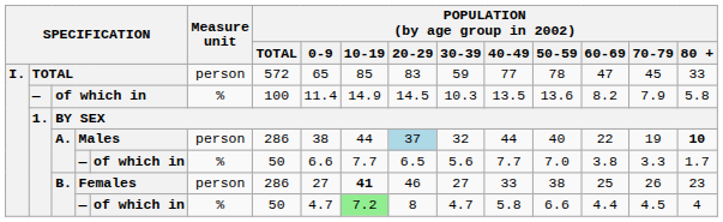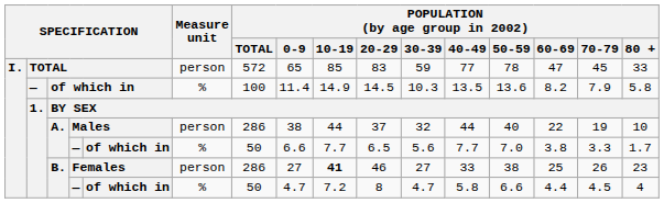 <table class="wikitable" style="font-size:85%; text-align:center">
 <tr>
 <th rowspan="2" colspan="5">SPECIFICATION</th>
 <th rowspan="2">Measure<br> unit</th>
 <th colspan="10" rowspan="1">POPULATION<br> (by age group in 2002)</th>
 </tr>
 <tr>
 <th>TOTAL</th>
 <th>0-9</th>
 <th>10-19</th>
 <th>20-29</th>
 <th>30-39</th>
 <th>40-49</th>
 <th>50-59</th>
 <th>60-69</th>
 <th>70-79</th>
 <th>80 +</th>
 </tr>
 <tr>
 <th style="text-align:left" valign="top" rowspan="7">I.</th>
 <th style="text-align:left" colspan="4">TOTAL</th>
 <td>person</td>
 <td>572</td>
 <td>65</td>
 <td>85</td>
 <td>83</td>
 <td>59</td>
 <td>77</td>
 <td>78</td>
 <td>47</td>
 <td>45</td>
 <td>33</td>
 </tr>
 <tr>
 <th style="text-align:left" valign="top">—</th>
 <th style="text-align:left" colspan="3">of which in</th>
 <td>%</td>
 <td>100</td>
 <td>11.4</td>
 <td>14.9</td>
 <td>14.5</td>
 <td>10.3</td>
 <td>13.5</td>
 <td>13.6</td>
 <td>8.2</td>
 <td>7.9</td>
 <td>5.8</td>
 </tr>
 <tr>
 <th style="text-align:left" valign="top" rowspan="5">1.</th>
 <th style="text-align:left" colspan="14">BY SEX</th>
 </tr>
 <tr>
 <th style="text-align:left" valign="top" rowspan="2">A.</th>
 <th style="text-align:left" colspan="2">Males</th>
 <td>person</td>
 <td>286</td>
 <td>38</td>
 <td>44</td>
-<td style="background: lightblue;">37</td>
+<td>37</td>
 <td>32</td>
 <td>44</td>
 <td>40</td>
 <td>22</td>
 <td>19</td>
-<td><strong>10</strong></td>
+<td>10</td>
 </tr>
 <tr>
 <th style="text-align:left" valign="top">—</th>
 <th style="text-align:left" colspan="1">of which in</th>
 <td>%</td>
 <td>50</td>
 <td>6.6</td>
 <td>7.7</td>
 <td>6.5</td>
 <td>5.6</td>
 <td>7.7</td>
 <td>7.0</td>
 <td>3.8</td>
 <td>3.3</td>
 <td>1.7</td>
 </tr>
 <tr>
 <th style="text-align:left" valign="top" rowspan="2">B.</th>
 <th style="text-align:left" colspan="2">Females</th>
 <td>person</td>
 <td>286</td>
 <td>27</td>
 <td><strong>41</strong></td>
 <td>46</td>
 <td>27</td>
 <td>33</td>
 <td>38</td>
 <td>25</td>
 <td>26</td>
 <td>23</td>
 </tr>
 <tr>
 <th style="text-align:left" valign="top">—</th>
 <th style="text-align:left" colspan="1">of which in</th>
 <td>%</td>
 <td>50</td>
 <td>4.7</td>
-<td style="background: lightgreen;">7.2</td>
+<td>7.2</td>
 <td>8</td>
 <td>4.7</td>
 <td>5.8</td>
 <td>6.6</td>
 <td>4.4</td>
 <td>4.5</td>
 <td>4</td>
 </tr>
 </table>
